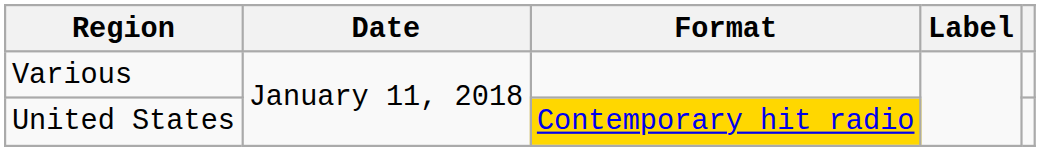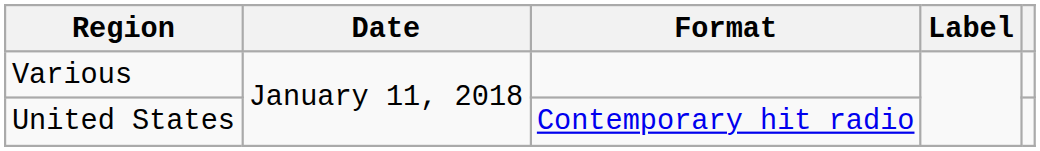 <table class="wikitable plainrowheaders">
 <tr>
 <th scope="col">Region</th>
 <th scope="col">Date</th>
 <th scope="col">Format</th>
 <th scope="col">Label</th>
 <th scope="col"></th>
 </tr>
 <tr>
 <td>Various</td>
 <td rowspan="2">January 11, 2018</td>
 <td></td>
 <td rowspan="2"></td>
 <td></td>
 </tr>
 <tr>
 <td>United States</td>
-<td style="background: gold;"><a href='#'>Contemporary hit radio</a></td>
+<td><a href='#'>Contemporary hit radio</a></td>
 <td></td>
 </tr>
 </table>
